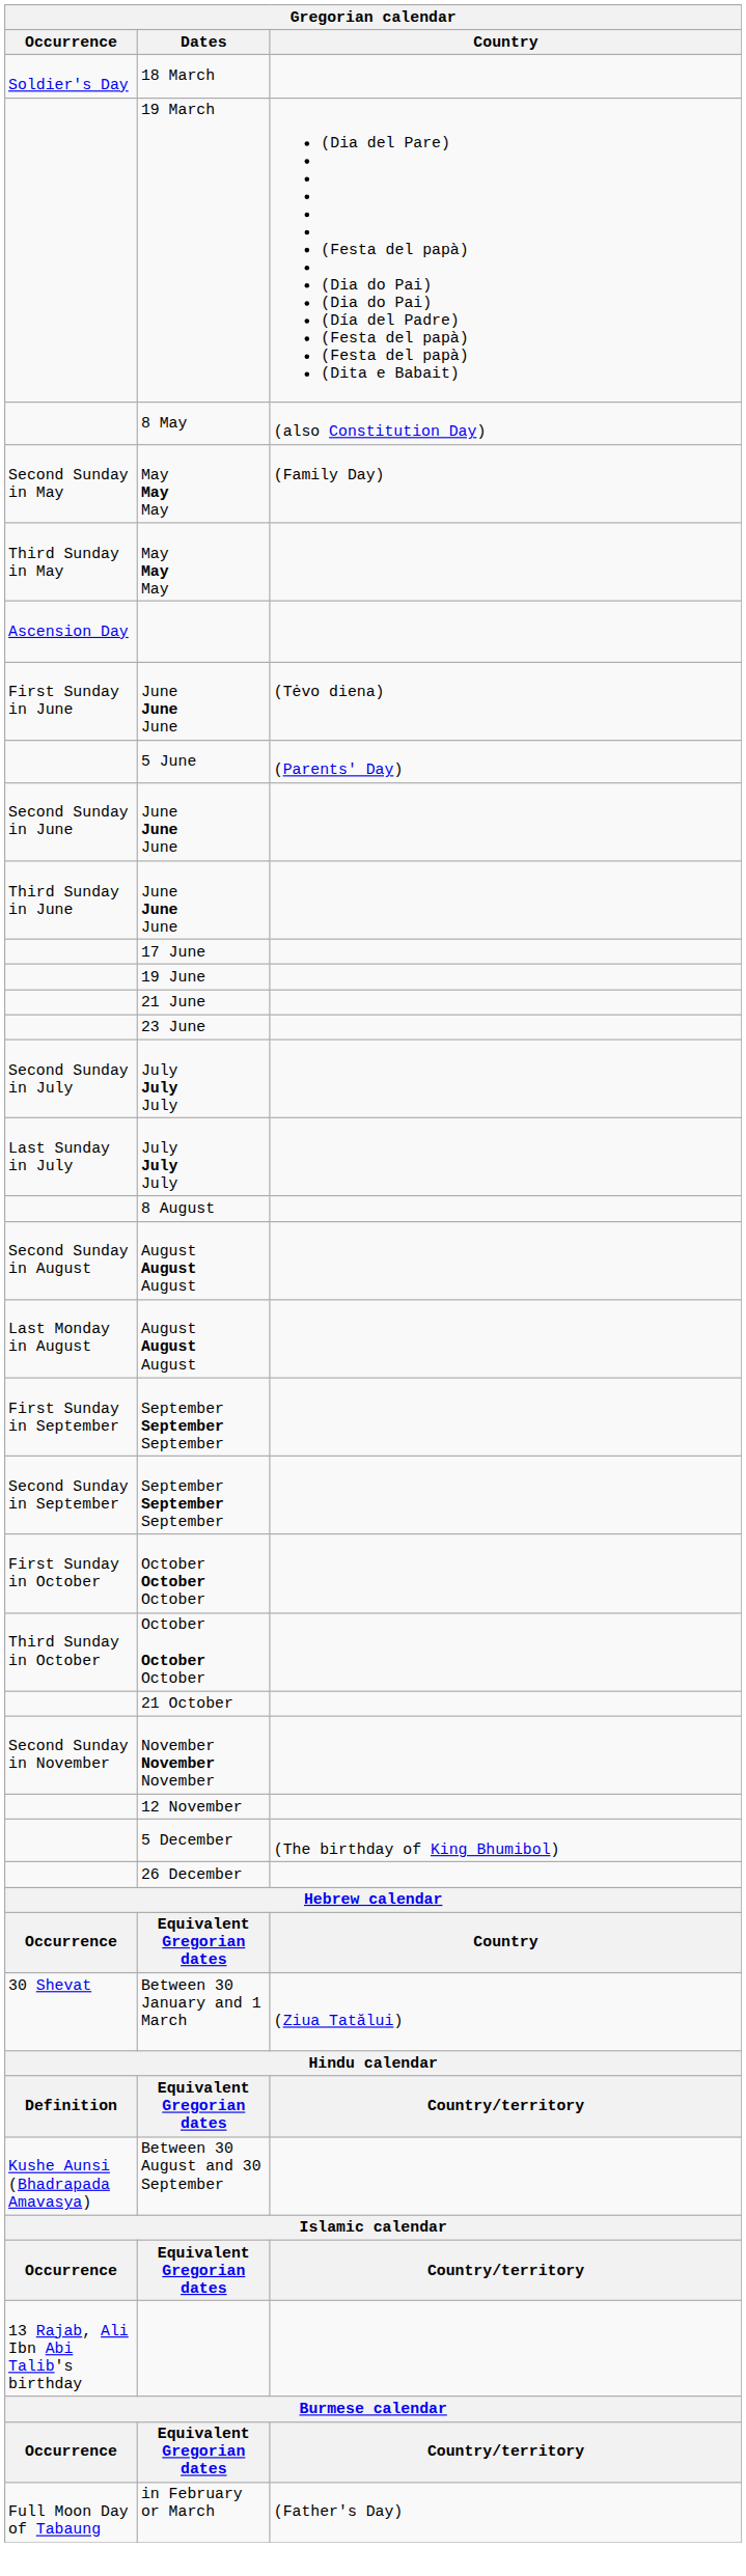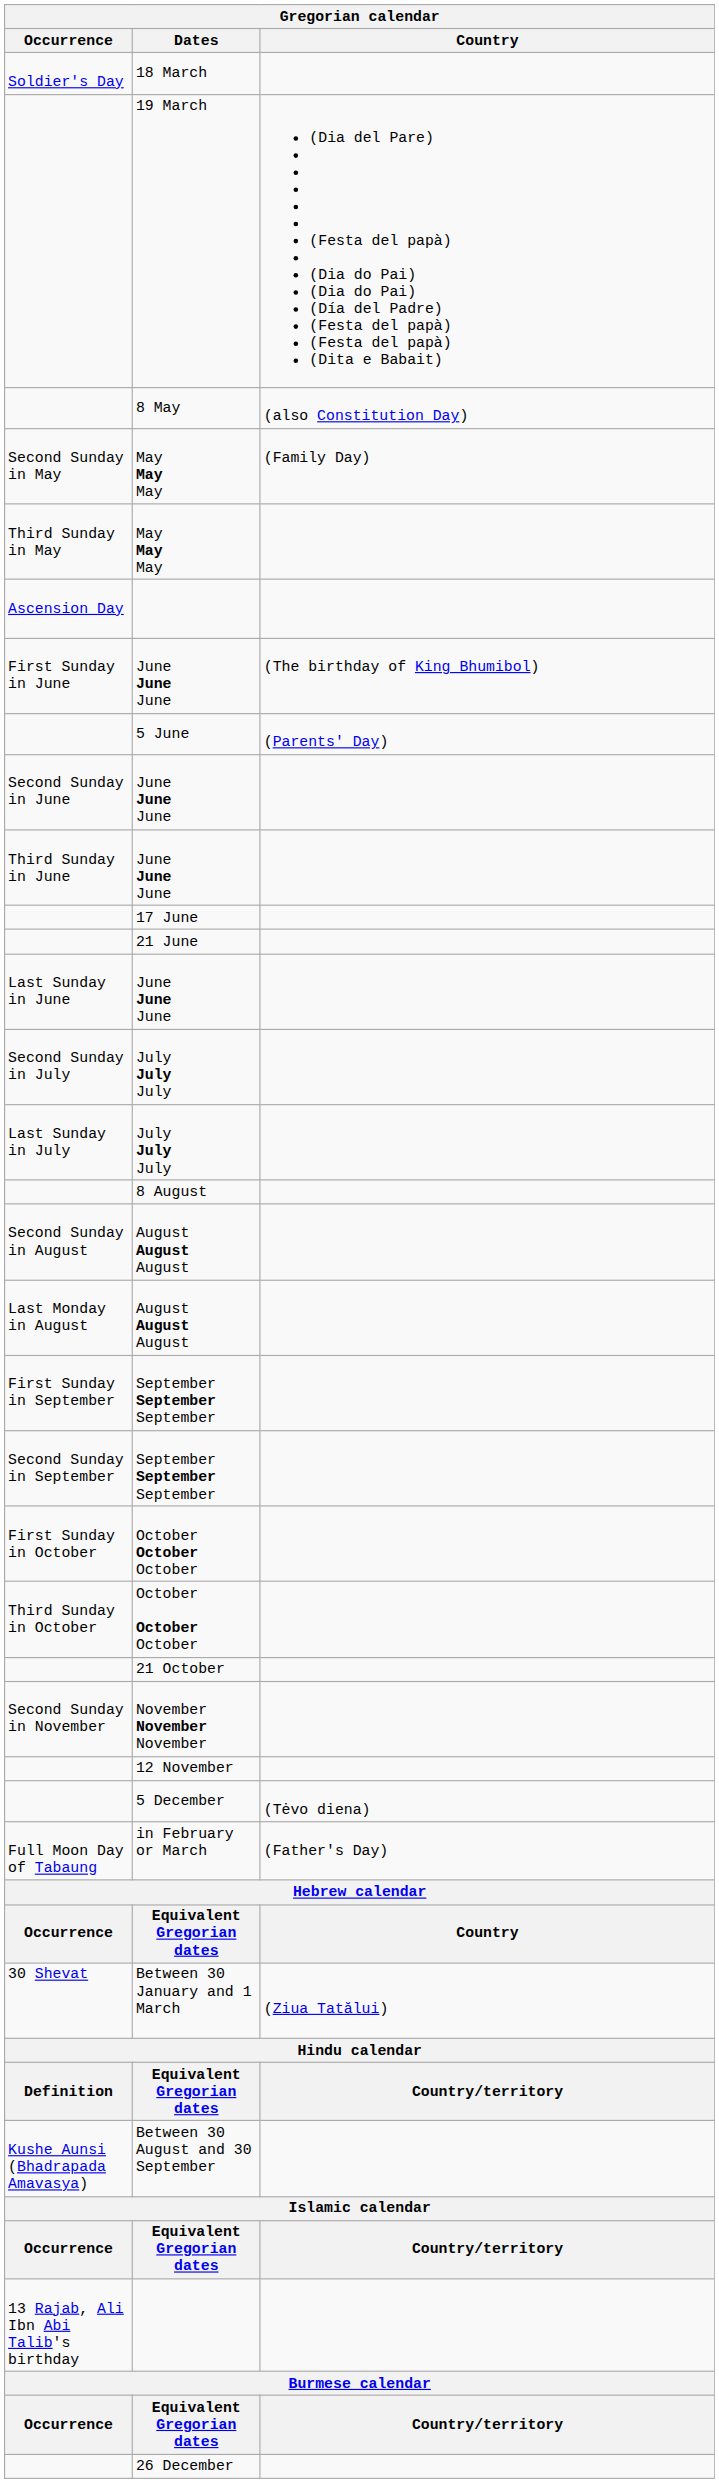 <table class="wikitable mw-collapsible mw-collapsed" style="width:100%;">
 <tr>
 <th colspan="3">Gregorian calendar</th>
 </tr>
 <tr>
 <th style="width:18%;">Occurrence</th>
 <th style="width:18%;">Dates</th>
 <th style="width:64%;">Country</th>
 </tr>
 <tr>
 <td style="vertical-align:top;"><br><a href='#'>Soldier's Day</a></td>
 <td>18 March</td>
 <td style="vertical-align:top;"></td>
 </tr>
 <tr>
 <td style="vertical-align:top;"></td>
 <td style="vertical-align:top;">19 March</td>
 <td><br><ul><li> (Dia del Pare)</li><li></li><li></li><li></li><li></li><li></li><li> (Festa del papà)</li><li></li><li> (Dia do Pai)</li><li> (Dia do Pai)</li><li> (Día del Padre)</li><li> (Festa del papà)</li><li> (Festa del papà)</li><li> (Dita e Babait)</li></ul></td>
 </tr>
 <tr>
 <td style="vertical-align:top;"></td>
 <td>8 May</td>
 <td style="vertical-align:top;"><br> (also <a href='#'>Constitution Day</a>)</td>
 </tr>
 <tr>
 <td style="vertical-align:top;"><br>Second Sunday in May</td>
 <td style="vertical-align:top;"><br> May <br> <strong> May </strong><br>  May </td>
 <td style="vertical-align:top;"><br> (Family Day)</td>
 </tr>
 <tr>
 <td style="vertical-align:top;"><br>Third Sunday in May</td>
 <td style="vertical-align:top;"><br> May <br> <strong> May </strong><br>  May </td>
 <td style="vertical-align:top;"><br></td>
 </tr>
 <tr>
 <td style="vertical-align:top;"><br><a href='#'>Ascension Day</a></td>
 <td style="vertical-align:top;"><br><br> <strong></strong><br> </td>
 <td style="vertical-align:top;"><br></td>
 </tr>
 <tr>
 <td style="vertical-align:top;"><br>First Sunday in June</td>
 <td style="vertical-align:top;"><br> June <br> <strong> June </strong><br>  June </td>
-<td style="vertical-align:top;"><br> (Tėvo diena)<br></td>
+<td style="vertical-align:top;"><br> (The birthday of <a href='#'>King Bhumibol</a>)</td>
 </tr>
 <tr>
 <td style="vertical-align:top;"></td>
 <td>5 June</td>
 <td style="vertical-align:top;"><br> (<a href='#'>Parents' Day</a>)</td>
 </tr>
 <tr>
 <td style="vertical-align:top;"><br>Second Sunday in June</td>
 <td style="vertical-align:top;"><br> June <br> <strong> June </strong><br>  June </td>
 <td style="vertical-align:top;"><br> </td>
 </tr>
 <tr>
 <td style="vertical-align:top;"><br>Third Sunday in June</td>
 <td style="vertical-align:top;"><br> June <br> <strong> June </strong><br>  June </td>
 <td style="vertical-align:top;"><br> </td>
 </tr>
 <tr>
 <td style="vertical-align:top;"></td>
 <td>17 June</td>
 <td style="vertical-align:top;"><br> </td>
 </tr>
 <tr>
 <td style="vertical-align:top;"></td>
-<td>19 June</td>
-<td style="vertical-align:top;"><br>  </td>
-</tr>
-<tr>
-<td style="vertical-align:top;"></td>
 <td>21 June</td>
 <td style="vertical-align:top;"><br>  </td>
 </tr>
 <tr>
-<td style="vertical-align:top;"></td>
-<td>23 June</td>
+<td style="vertical-align:top;"><br>Last Sunday in June</td>
+<td><br> June <br> <strong> June </strong><br>  June </td>
 <td style="vertical-align:top;"><br></td>
 </tr>
 <tr>
 <td style="vertical-align:top;"><br>Second Sunday in July</td>
 <td style="vertical-align:top;"><br> July <br> <strong> July </strong><br>  July </td>
 <td style="vertical-align:top;"><br></td>
 </tr>
 <tr>
 <td style="vertical-align:top;"><br>Last Sunday in July</td>
 <td style="vertical-align:top;"><br> July <br> <strong> July </strong><br>  July </td>
 <td style="vertical-align:top;"><br></td>
 </tr>
 <tr>
 <td style="vertical-align:top;"></td>
 <td>8 August</td>
 <td><br></td>
 </tr>
 <tr>
 <td style="vertical-align:top;"><br>Second Sunday in August</td>
 <td style="vertical-align:top;"><br> August <br> <strong> August </strong><br>  August </td>
 <td style="vertical-align:top;"><br><br>  </td>
 </tr>
 <tr>
 <td style="vertical-align:top;"><br>Last Monday in August</td>
 <td style="vertical-align:top;"><br> August <br> <strong> August </strong><br>  August </td>
 <td style="vertical-align:top;"><br></td>
 </tr>
 <tr>
 <td style="vertical-align:top;"><br>First Sunday in September</td>
 <td style="vertical-align:top;"><br> September <br> <strong> September </strong><br>  September </td>
 <td style="vertical-align:top;"><br></td>
 </tr>
 <tr>
 <td style="vertical-align:top;"><br>Second Sunday in September</td>
 <td style="vertical-align:top;"><br> September <br> <strong> September </strong><br>  September </td>
 <td style="vertical-align:top;"><br></td>
 </tr>
 <tr>
 <td style="vertical-align:top;"><br>First Sunday in October</td>
 <td style="vertical-align:top;"><br> October <br> <strong> October </strong><br>  October </td>
 <td style="vertical-align:top;"><br></td>
 </tr>
 <tr>
 <td>Third Sunday in October</td>
 <td> October <br><br><strong> October </strong><br>  October </td>
 <td></td>
 </tr>
 <tr>
 <td style="vertical-align:top;"></td>
 <td style="vertical-align:top;">21 October</td>
 <td style="vertical-align:top;"></td>
 </tr>
 <tr>
 <td style="vertical-align:top;"><br>Second Sunday in November</td>
 <td style="vertical-align:top;"><br> November <br> <strong> November </strong><br>  November </td>
 <td style="vertical-align:top;"><br> </td>
 </tr>
 <tr>
 <td style="vertical-align:top;"></td>
 <td>12 November</td>
 <td style="vertical-align:top;"><br></td>
 </tr>
 <tr>
 <td style="vertical-align:top;"></td>
 <td>5 December</td>
-<td style="vertical-align:top;"><br> (The birthday of <a href='#'>King Bhumibol</a>)</td>
+<td style="vertical-align:top;"><br> (Tėvo diena)<br></td>
 </tr>
 <tr>
-<td style="vertical-align:top;"></td>
-<td>26 December</td>
-<td></td>
+<td style="vertical-align:top;"><br>Full Moon Day of <a href='#'>Tabaung</a></td>
+<td style="vertical-align:top;">in February or March<br><br></td>
+<td style="vertical-align:top;"><br> (Father's Day)</td>
 </tr>
 <tr>
 <th colspan="3"><a href='#'>Hebrew calendar</a></th>
 </tr>
 <tr>
 <th>Occurrence</th>
 <th>Equivalent <a href='#'>Gregorian dates</a></th>
 <th>Country</th>
 </tr>
 <tr>
 <td valign="top">30 <a href='#'>Shevat</a></td>
 <td>Between 30 January and 1 March<br><br></td>
 <td><br> (<a href='#'>Ziua Tatălui</a>)</td>
 </tr>
 <tr>
 <th colspan="3">Hindu calendar</th>
 </tr>
 <tr>
 <th style="width:100px;">Definition</th>
 <th style="width:100px;">Equivalent <a href='#'>Gregorian dates</a></th>
 <th>Country/territory</th>
 </tr>
 <tr>
 <td style="vertical-align:top;"><br><a href='#'>Kushe Aunsi</a><br>(<a href='#'>Bhadrapada</a> <a href='#'>Amavasya</a>)</td>
 <td style="vertical-align:top;">Between 30 August and 30 September<br><br></td>
 <td style="vertical-align:top;"><br></td>
 </tr>
 <tr>
 <th colspan="3">Islamic calendar</th>
 </tr>
 <tr>
 <th style="width:100px;">Occurrence</th>
 <th style="width:100px;">Equivalent <a href='#'>Gregorian dates</a></th>
 <th>Country/territory</th>
 </tr>
 <tr>
 <td style="vertical-align:top;"><br>13 <a href='#'>Rajab</a>, <a href='#'>Ali</a> Ibn <a href='#'>Abi Talib</a>'s birthday</td>
 <td style="vertical-align:top;"></td>
 <td style="vertical-align:top;"><br>  </td>
 </tr>
 <tr>
 <th colspan="3"><a href='#'>Burmese calendar</a></th>
 </tr>
 <tr>
 <th style="width:100px;">Occurrence</th>
 <th style="width:100px;">Equivalent <a href='#'>Gregorian dates</a></th>
 <th>Country/territory</th>
 </tr>
 <tr>
-<td style="vertical-align:top;"><br>Full Moon Day of <a href='#'>Tabaung</a></td>
-<td style="vertical-align:top;">in February or March<br><br></td>
-<td style="vertical-align:top;"><br> (Father's Day)</td>
+<td style="vertical-align:top;"></td>
+<td>26 December</td>
+<td></td>
 </tr>
 </table>
